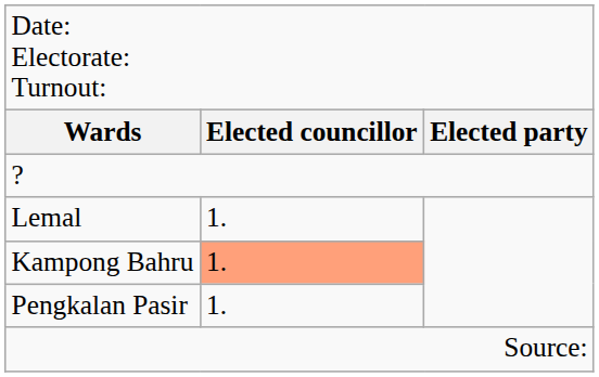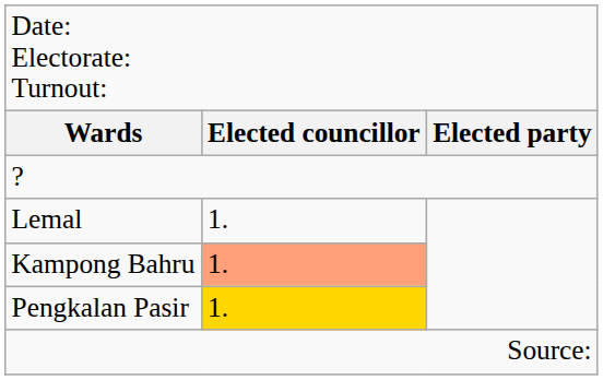 <table class=wikitable>
 <tr>
 <td colspan=3>Date: <br>Electorate: <br>Turnout:</td>
 </tr>
 <tr>
 <th>Wards</th>
 <th>Elected councillor</th>
 <th>Elected party</th>
 </tr>
 <tr>
 <td colspan=3>? </td>
 </tr>
 <tr>
 <td>Lemal</td>
 <td>1.</td>
 </tr>
 <tr>
 <td>Kampong Bahru</td>
 <td style="background: lightsalmon;">1.</td>
 </tr>
 <tr>
 <td>Pengkalan Pasir</td>
-<td>1.</td>
+<td style="background: gold;">1.</td>
 </tr>
 <tr>
 <td colspan=3 align=right>Source:</td>
 </tr>
 </table>
